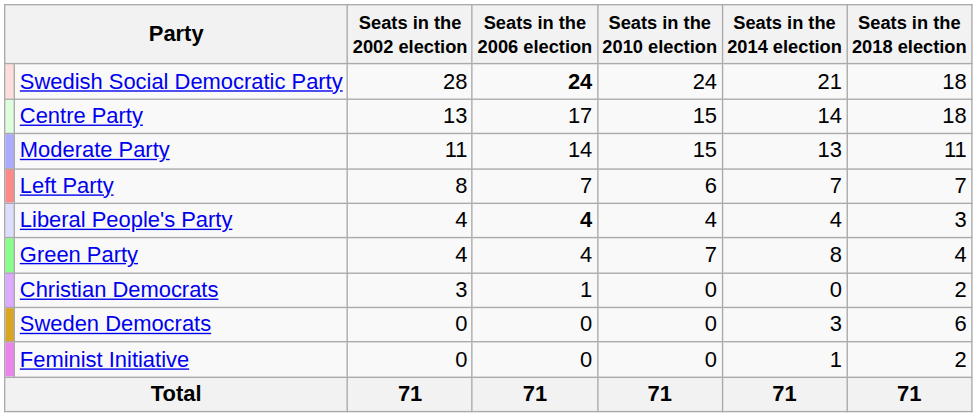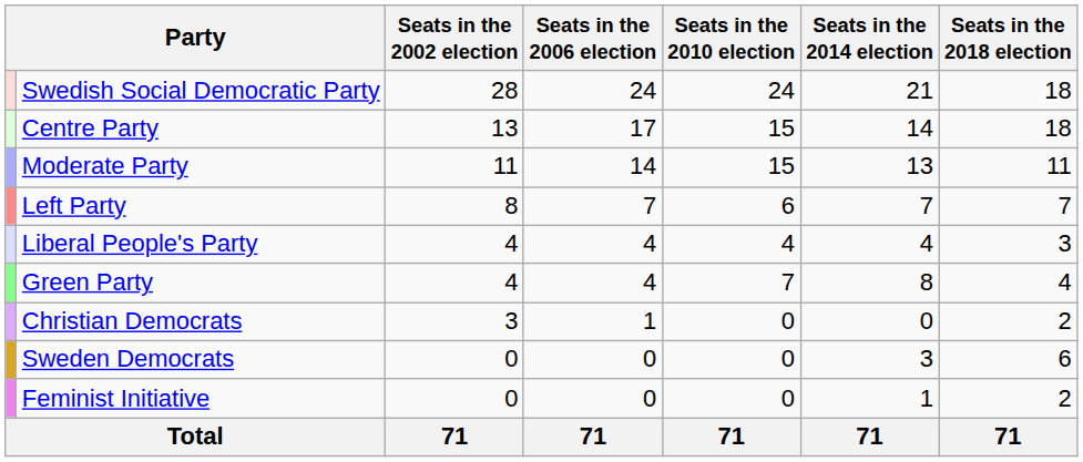 <table class="wikitable sortable" border="1">
 <tr align=left>
 <th colspan=2>Party</th>
 <th><small>Seats in the<br>2002 election</small></th>
 <th><small>Seats in the<br>2006 election</small></th>
 <th><small>Seats in the<br>2010 election</small></th>
 <th><small> Seats in the<br>2014 election</small></th>
 <th><small>Seats in the</small><br><small>2018 election</small></th>
 </tr>
 <tr>
 <td style="background:#ffdddd"></td>
 <td><a href='#'>Swedish Social Democratic Party</a></td>
 <td align=right>28</td>
-<td align=right><strong>24</strong></td>
+<td align=right>24</td>
 <td align=right>24</td>
 <td align=right>21</td>
 <td align=right>18</td>
 </tr>
 <tr>
 <td style="background:#ddffdd"></td>
 <td><a href='#'>Centre Party</a></td>
 <td align=right>13</td>
 <td align=right>17</td>
 <td align=right>15</td>
 <td align=right>14</td>
 <td align=right>18</td>
 </tr>
 <tr>
 <td style="background:#aaaaff"></td>
 <td><a href='#'>Moderate Party</a></td>
 <td align=right>11</td>
 <td align=right>14</td>
 <td align=right>15</td>
 <td align=right>13</td>
 <td align=right>11</td>
 </tr>
 <tr>
 <td style="background:#ff8888"></td>
 <td><a href='#'>Left Party</a></td>
 <td align=right>8</td>
 <td align=right>7</td>
 <td align=right>6</td>
 <td align=right>7</td>
 <td align=right>7</td>
 </tr>
 <tr>
 <td style="background:#ddddff"></td>
 <td><a href='#'>Liberal People's Party</a></td>
 <td align=right>4</td>
-<td align=right><strong>4</strong></td>
+<td align=right>4</td>
 <td align=right>4</td>
 <td align=right>4</td>
 <td align=right>3</td>
 </tr>
 <tr>
 <td style="background:#88ff88"></td>
 <td><a href='#'>Green Party</a></td>
 <td align=right>4</td>
 <td align=right>4</td>
 <td align=right>7</td>
 <td align=right>8</td>
 <td align=right>4</td>
 </tr>
 <tr>
 <td style="background:#ddaaff"></td>
 <td><a href='#'>Christian Democrats</a></td>
 <td align=right>3</td>
 <td align=right>1</td>
 <td align=right>0</td>
 <td align=right>0</td>
 <td align=right>2</td>
 </tr>
 <tr>
 <td style="background:#DAA520"></td>
 <td><a href='#'>Sweden Democrats</a></td>
 <td align=right>0</td>
 <td align=right>0</td>
 <td align=right>0</td>
 <td align=right>3</td>
 <td align=right>6</td>
 </tr>
 <tr>
 <td style="background:#EE82EE"></td>
 <td><a href='#'>Feminist Initiative</a></td>
 <td align=right>0</td>
 <td align=right>0</td>
 <td align=right>0</td>
 <td align=right>1</td>
 <td align=right>2</td>
 </tr>
 <tr align=left>
 <th colspan=2>Total</th>
 <th align=right>71</th>
 <th>71</th>
 <th>71</th>
 <th>71</th>
 <th>71</th>
 </tr>
 </table>
